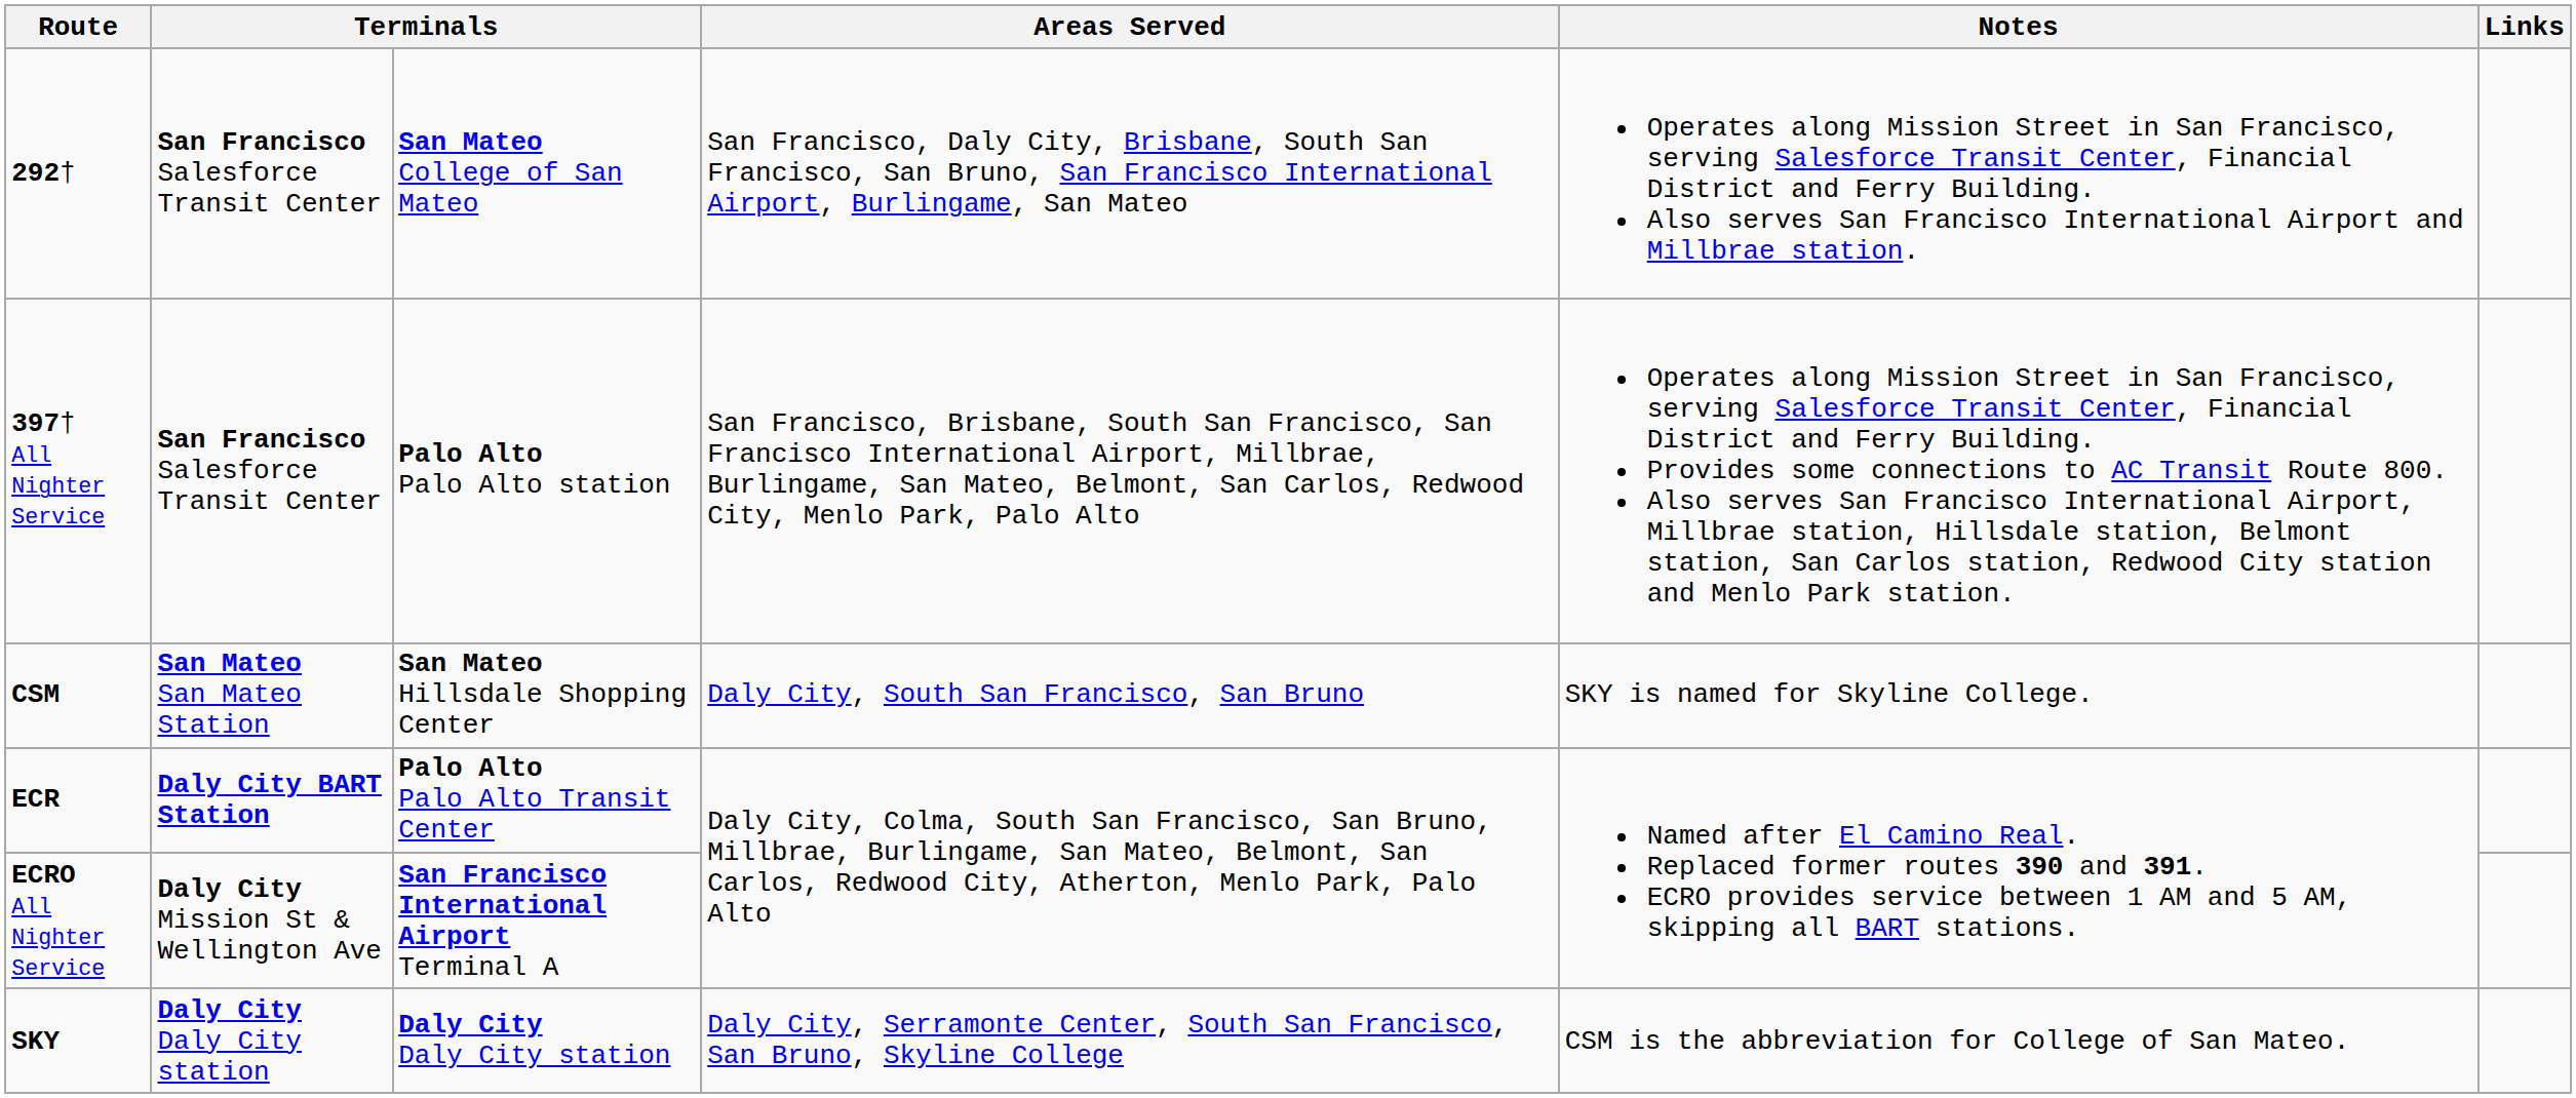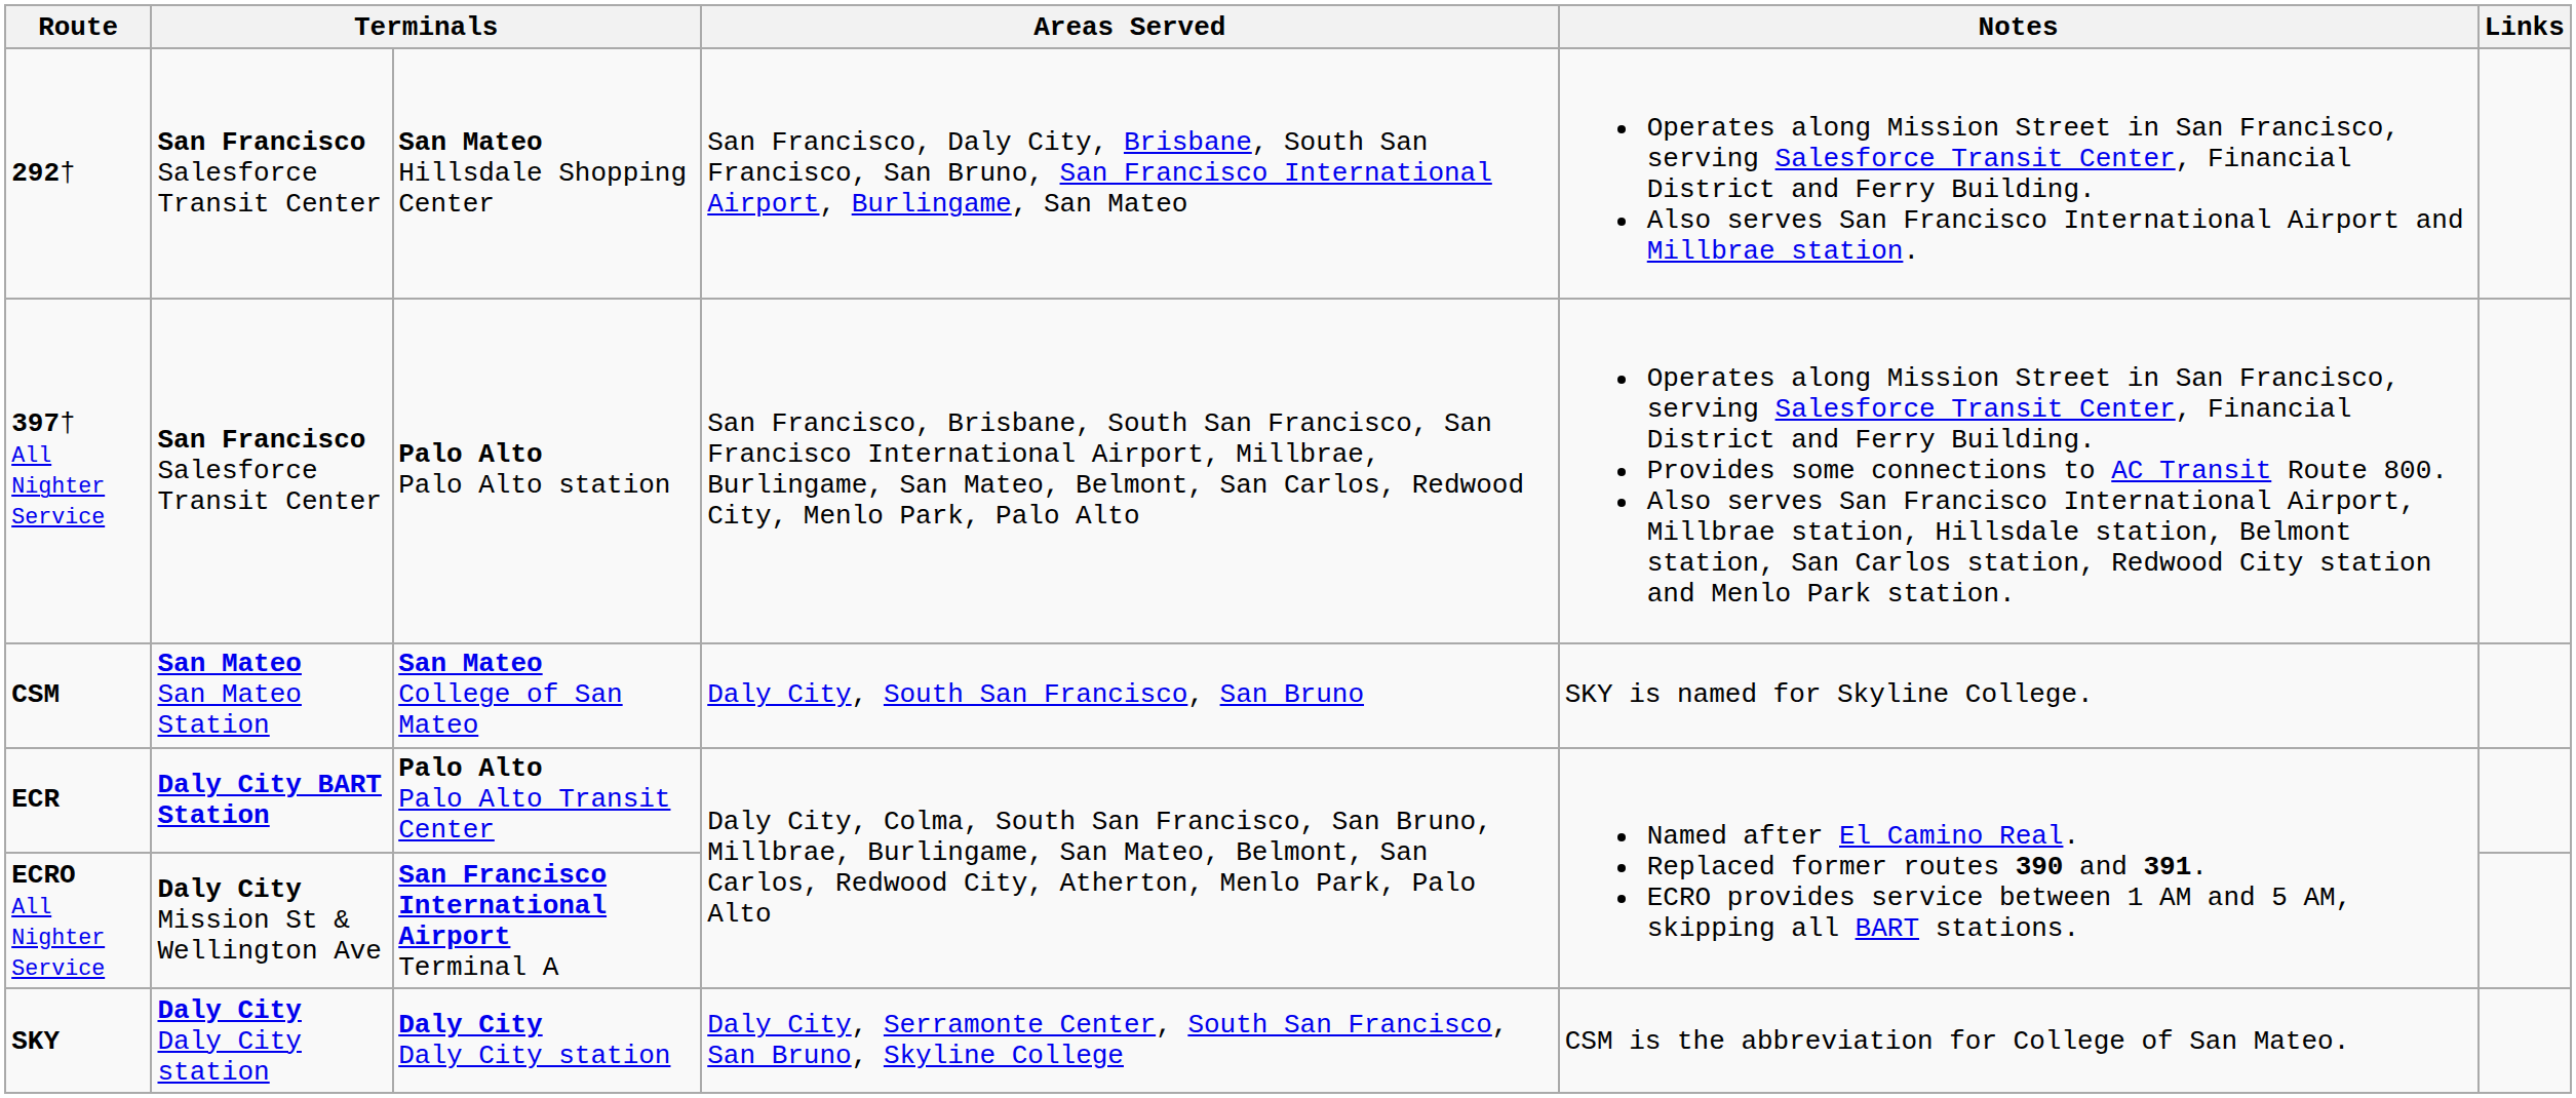 <table class="wikitable" font-style="text-size: 90%;">
 <tr>
 <th>Route</th>
 <th colspan=2>Terminals</th>
 <th>Areas Served</th>
 <th>Notes</th>
 <th>Links</th>
 </tr>
 <tr>
 <td><span><strong>292</strong></span>†</td>
 <td><strong>San Francisco</strong><br>Salesforce Transit Center</td>
-<td><strong><a href='#'>San Mateo</a></strong><br><a href='#'>College of San Mateo</a></td>
+<td><strong>San Mateo</strong><br>Hillsdale Shopping Center</td>
 <td>San Francisco, Daly City, <a href='#'>Brisbane</a>, South San Francisco, San Bruno, <a href='#'>San Francisco International Airport</a>, <a href='#'>Burlingame</a>, San Mateo</td>
 <td><br><ul><li>Operates along Mission Street in San Francisco, serving <a href='#'>Salesforce Transit Center</a>, Financial District and Ferry Building.</li><li>Also serves San Francisco International Airport and <a href='#'>Millbrae station</a>.</li></ul></td>
 <td></td>
 </tr>
 <tr>
 <td><span><strong>397</strong></span>†<br><small><a href='#'>All Nighter Service</a></small></td>
 <td><strong>San Francisco</strong><br>Salesforce Transit Center</td>
 <td><strong>Palo Alto</strong><br>Palo Alto station</td>
 <td>San Francisco, Brisbane, South San Francisco, San Francisco International Airport, Millbrae, Burlingame, San Mateo, Belmont, San Carlos, Redwood City, Menlo Park, Palo Alto</td>
 <td><br><ul><li>Operates along Mission Street in San Francisco, serving <a href='#'>Salesforce Transit Center</a>, Financial District and Ferry Building.</li><li>Provides some connections to <a href='#'>AC Transit</a> Route 800.</li><li>Also serves San Francisco International Airport, Millbrae station, Hillsdale station, Belmont station, San Carlos station, Redwood City station and Menlo Park station.</li></ul></td>
 <td></td>
 </tr>
 <tr>
 <td><span><strong>CSM</strong></span></td>
 <td><strong><a href='#'>San Mateo</a></strong><br><a href='#'>San Mateo Station</a></td>
-<td><strong>San Mateo</strong><br>Hillsdale Shopping Center</td>
+<td><strong><a href='#'>San Mateo</a></strong><br><a href='#'>College of San Mateo</a></td>
 <td><a href='#'>Daly City</a>, <a href='#'>South San Francisco</a>, <a href='#'>San Bruno</a></td>
 <td>SKY is named for Skyline College.</td>
 <td></td>
 </tr>
 <tr>
 <td><span><strong>ECR</strong></span></td>
 <td><strong><a href='#'>Daly City BART Station</a></strong><br></td>
 <td><strong>Palo Alto</strong><br><a href='#'>Palo Alto Transit Center</a></td>
 <td rowspan="2">Daly City, Colma, South San Francisco, San Bruno, Millbrae, Burlingame, San Mateo, Belmont, San Carlos, Redwood City, Atherton, Menlo Park, Palo Alto</td>
 <td rowspan="2"><br><ul><li>Named after <a href='#'>El Camino Real</a>.</li><li>Replaced former routes <span><strong>390</strong></span> and <span><strong>391</strong></span>.</li><li>ECRO provides service between 1 AM and 5 AM, skipping all <a href='#'>BART</a> stations.</li></ul></td>
 <td></td>
 </tr>
 <tr>
 <td><span><strong>ECRO</strong></span><br><small><a href='#'>All Nighter Service</a></small></td>
 <td><strong>Daly City</strong><br>Mission St & Wellington Ave<br></td>
 <td><strong><a href='#'>San Francisco International Airport</a></strong><br>Terminal A<br></td>
 <td></td>
 </tr>
 <tr>
 <td><span><strong>SKY</strong></span></td>
 <td><strong><a href='#'>Daly City</a></strong><br><a href='#'>Daly City station</a></td>
 <td><strong><a href='#'>Daly City</a></strong><br><a href='#'>Daly City station</a></td>
 <td><a href='#'>Daly City</a>, <a href='#'>Serramonte Center</a>, <a href='#'>South San Francisco</a>, <a href='#'>San Bruno</a>, <a href='#'>Skyline College</a></td>
 <td>CSM is the abbreviation for College of San Mateo.</td>
 <td></td>
 </tr>
 </table>
